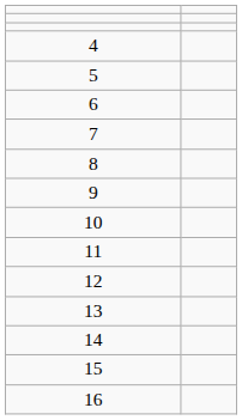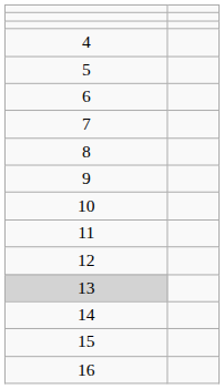 <table class="wikitable" width="200px">
 <tr>
 <td style="text-align:center;"></td>
 <td style="white-space:nowrap;"></td>
 </tr>
 <tr>
 <td style="text-align:center;"></td>
 <td></td>
 </tr>
 <tr>
 <td style="text-align:center;"></td>
 <td></td>
 </tr>
 <tr>
 <td style="text-align:center;">4</td>
 <td></td>
 </tr>
 <tr>
 <td style="text-align:center;">5</td>
 <td></td>
 </tr>
 <tr>
 <td style="text-align:center;">6</td>
 <td></td>
 </tr>
 <tr>
 <td style="text-align:center;">7</td>
 <td></td>
 </tr>
 <tr>
 <td style="text-align:center;">8</td>
 <td></td>
 </tr>
 <tr>
 <td style="text-align:center;">9</td>
 <td></td>
 </tr>
 <tr>
 <td style="text-align:center;">10</td>
 <td></td>
 </tr>
 <tr>
 <td style="text-align:center;">11</td>
 <td></td>
 </tr>
 <tr>
 <td style="text-align:center;">12</td>
 <td></td>
 </tr>
 <tr>
-<td style="text-align:center;">13</td>
+<td style="background: lightgrey; text-align:center;">13</td>
 <td></td>
 </tr>
 <tr>
 <td style="text-align:center;">14</td>
 <td></td>
 </tr>
 <tr>
 <td style="text-align:center;">15</td>
 <td></td>
 </tr>
 <tr>
 <td style="text-align:center;">16</td>
 <td></td>
 </tr>
 </table>
